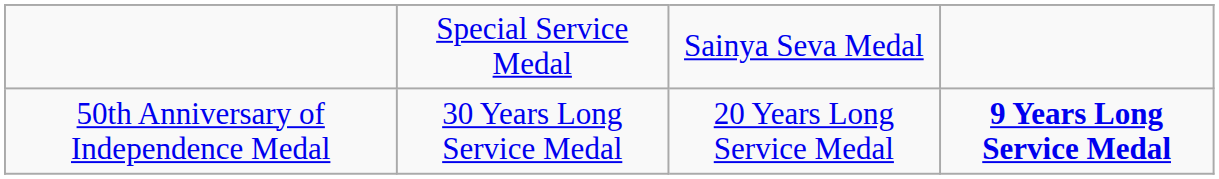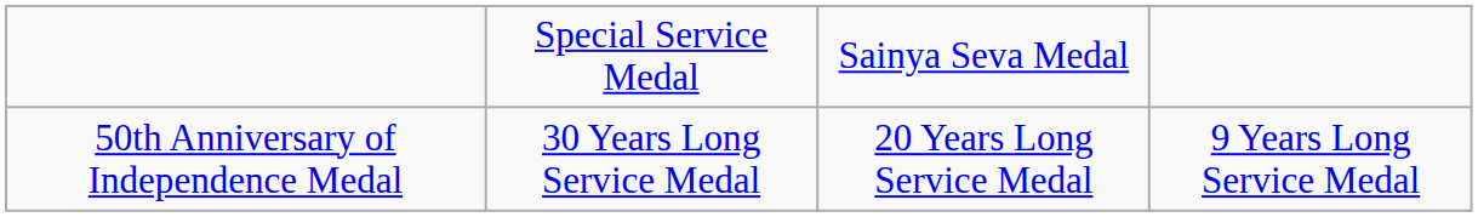 <table class="wikitable" style="margin:1em auto; text-align:center;">
 <tr>
 <td></td>
 <td><a href='#'>Special Service Medal</a></td>
 <td><a href='#'>Sainya Seva Medal</a></td>
 <td></td>
 </tr>
 <tr>
 <td><a href='#'>50th Anniversary of Independence Medal</a></td>
 <td><a href='#'>30 Years Long Service Medal</a></td>
 <td><a href='#'>20 Years Long Service Medal</a></td>
-<td><strong><a href='#'>9 Years Long Service Medal</a></strong></td>
+<td><a href='#'>9 Years Long Service Medal</a></td>
 </tr>
 </table>
